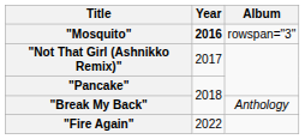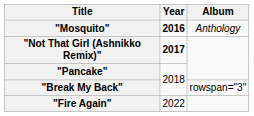 <table class="wikitable plainrowheaders" style="text-align:center;">
 <tr>
 <th rowspan="1" scope="col" style="width:15em;">Title</th>
 <th rowspan="1" scope="col">Year</th>
 <th rowspan="1" scope="col">Album</th>
 </tr>
 <tr>
 <th scope="row">"Mosquito" <br></th>
 <td><strong>2016</strong></td>
-<td>rowspan="3" </td>
+<td><em>Anthology</em></td>
 </tr>
 <tr>
 <th scope="row">"Not That Girl (Ashnikko Remix)"<br></th>
-<td>2017</td>
+<td><strong>2017</strong></td>
 </tr>
 <tr>
 <th scope="row">"Pancake"<br></th>
 <td rowspan="2">2018</td>
 </tr>
 <tr>
 <th scope="row">"Break My Back"<br></th>
-<td><em>Anthology</em></td>
+<td>rowspan="3" </td>
 </tr>
 <tr>
 <th scope="row">"Fire Again"<br></th>
 <td rowspan="2">2022</td>
 <td></td>
 </tr>
 </table>
